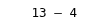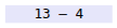 <table style="text-align:center">
 <tr>
 <th width=200></th>
 <th width=100></th>
 <th width=200></th>
 </tr>
 <tr>
 <td align=right><strong></strong></td>
-<td>13 – 4</td>
+<td style="background: lavender;">13 – 4</td>
 <td align=left></td>
 </tr>
 </table>
